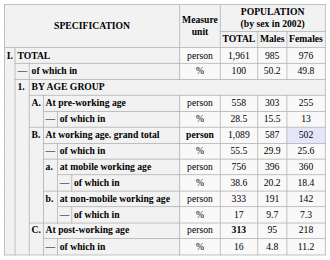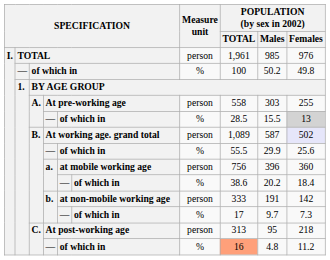 <table class="wikitable" style="font-size:85%; text-align:center">
 <tr>
 <th rowspan="2" colspan="6">SPECIFICATION</th>
 <th rowspan="2">Measure<br> unit</th>
 <th colspan="3" rowspan="1">POPULATION<br> (by sex in 2002)</th>
 </tr>
 <tr>
 <th>TOTAL</th>
 <th>Males</th>
 <th>Females</th>
 </tr>
 <tr>
 <th style="text-align:left" valign="top" rowspan="13">I.</th>
 <th style="text-align:left" colspan="5">TOTAL</th>
 <td>person</td>
 <td>1,961</td>
 <td>985</td>
 <td>976</td>
 </tr>
 <tr>
 <th style="text-align:left" valign="top">—</th>
 <th style="text-align:left" colspan="4">of which in</th>
 <td>%</td>
 <td>100</td>
 <td>50.2</td>
 <td>49.8</td>
 </tr>
 <tr>
 <th style="text-align:left" valign="top" rowspan="11">1.</th>
 <th style="text-align:left" colspan="19">BY AGE GROUP</th>
 </tr>
 <tr>
 <th style="text-align:left" valign="top" rowspan="2">A.</th>
 <th style="text-align:left" colspan="3">At pre-working age</th>
 <td>person</td>
 <td>558</td>
 <td>303</td>
 <td>255</td>
 </tr>
 <tr>
 <th style="text-align:left" valign="top">—</th>
 <th style="text-align:left" valign="top" colspan="2">of which in</th>
 <td>%</td>
 <td>28.5</td>
 <td>15.5</td>
-<td>13</td>
+<td style="background: lightgrey;">13</td>
 </tr>
 <tr>
 <th style="text-align:left" valign="top" rowspan="6">B.</th>
 <th style="text-align:left" colspan="3">At working age. grand total</th>
-<td><strong>person</strong></td>
+<td>person</td>
 <td>1,089</td>
 <td>587</td>
 <td style="background: lavender;">502</td>
 </tr>
 <tr>
 <th style="text-align:left" valign="top">—</th>
 <th style="text-align:left" valign="top" colspan="2">of which in</th>
 <td>%</td>
 <td>55.5</td>
 <td>29.9</td>
 <td>25.6</td>
 </tr>
 <tr>
 <th style="text-align:left" valign="top" rowspan="2">a.</th>
 <th style="text-align:left" colspan="2">at mobile working age</th>
 <td>person</td>
 <td>756</td>
 <td>396</td>
 <td>360</td>
 </tr>
 <tr>
 <th style="text-align:left" valign="top">—</th>
 <th style="text-align:left" valign="top" colspan="1">of which in                        </th>
 <td>%</td>
 <td>38.6</td>
 <td>20.2</td>
 <td>18.4</td>
 </tr>
 <tr>
 <th style="text-align:left" valign="top" rowspan="2">b.</th>
 <th style="text-align:left" colspan="2">at non-mobile working age</th>
 <td>person</td>
 <td>333</td>
 <td>191</td>
 <td>142</td>
 </tr>
 <tr>
 <th style="text-align:left" valign="top">—</th>
 <th style="text-align:left" valign="top" colspan="1">of which in                        </th>
 <td>%</td>
 <td>17</td>
 <td>9.7</td>
 <td>7.3</td>
 </tr>
 <tr>
 <th style="text-align:left" valign="top" rowspan="2">C.</th>
 <th style="text-align:left" colspan="3">At post-working age</th>
 <td>person</td>
-<td><strong>313</strong></td>
+<td>313</td>
 <td>95</td>
 <td>218</td>
 </tr>
 <tr>
 <th style="text-align:left" valign="top">—</th>
 <th style="text-align:left" valign="top" colspan="2">of which in</th>
 <td>%</td>
-<td>16</td>
+<td style="background: lightsalmon;">16</td>
 <td>4.8</td>
 <td>11.2</td>
 </tr>
 </table>
